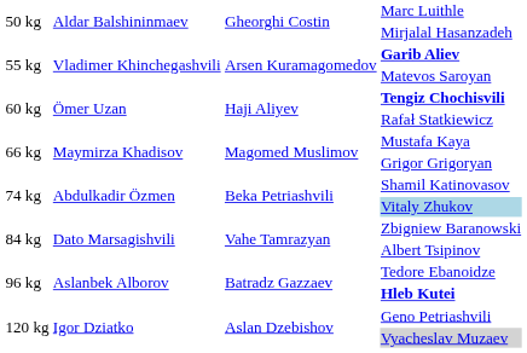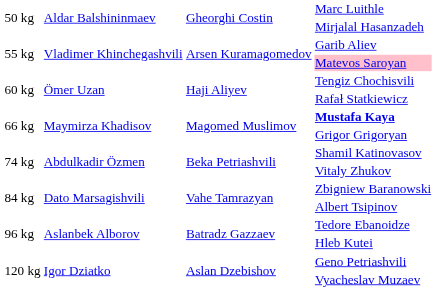 <table>
 <tr>
 <td rowspan=2>50 kg</td>
 <td rowspan=2> <a href='#'>Aldar Balshininmaev</a></td>
 <td rowspan=2> <a href='#'>Gheorghi Costin</a></td>
 <td> <a href='#'>Marc Luithle</a></td>
 </tr>
 <tr>
 <td> <a href='#'>Mirjalal Hasanzadeh</a></td>
 </tr>
 <tr>
 <td rowspan=2>55 kg</td>
 <td rowspan=2> <a href='#'>Vladimer Khinchegashvili</a></td>
 <td rowspan=2> <a href='#'>Arsen Kuramagomedov</a></td>
-<td><strong> <a href='#'>Garib Aliev</a></strong></td>
+<td> <a href='#'>Garib Aliev</a></td>
 </tr>
 <tr>
-<td> <a href='#'>Matevos Saroyan</a></td>
+<td style="background: pink;"> <a href='#'>Matevos Saroyan</a></td>
 </tr>
 <tr>
 <td rowspan=2>60 kg</td>
 <td rowspan=2> <a href='#'>Ömer Uzan</a></td>
 <td rowspan=2> <a href='#'>Haji Aliyev</a></td>
-<td><strong> <a href='#'>Tengiz Chochisvili</a></strong></td>
+<td> <a href='#'>Tengiz Chochisvili</a></td>
 </tr>
 <tr>
 <td> <a href='#'>Rafał Statkiewicz</a></td>
 </tr>
 <tr>
 <td rowspan=2>66 kg</td>
 <td rowspan=2> <a href='#'>Maymirza Khadisov</a></td>
 <td rowspan=2> <a href='#'>Magomed Muslimov</a></td>
-<td> <a href='#'>Mustafa Kaya</a></td>
+<td><strong> <a href='#'>Mustafa Kaya</a></strong></td>
 </tr>
 <tr>
 <td> <a href='#'>Grigor Grigoryan</a></td>
 </tr>
 <tr>
 <td rowspan=2>74 kg</td>
 <td rowspan=2> <a href='#'>Abdulkadir Özmen</a></td>
 <td rowspan=2> <a href='#'>Beka Petriashvili</a></td>
 <td> <a href='#'>Shamil Katinovasov</a></td>
 </tr>
 <tr>
-<td style="background: lightblue;"> <a href='#'>Vitaly Zhukov</a></td>
+<td> <a href='#'>Vitaly Zhukov</a></td>
 </tr>
 <tr>
 <td rowspan=2>84 kg</td>
 <td rowspan=2> <a href='#'>Dato Marsagishvili</a></td>
 <td rowspan=2> <a href='#'>Vahe Tamrazyan</a></td>
 <td> <a href='#'>Zbigniew Baranowski</a></td>
 </tr>
 <tr>
 <td> <a href='#'>Albert Tsipinov</a></td>
 </tr>
 <tr>
 <td rowspan=2>96 kg</td>
 <td rowspan=2> <a href='#'>Aslanbek Alborov</a></td>
 <td rowspan=2> <a href='#'>Batradz Gazzaev</a></td>
 <td> <a href='#'>Tedore Ebanoidze</a></td>
 </tr>
 <tr>
-<td><strong> <a href='#'>Hleb Kutei</a></strong></td>
+<td> <a href='#'>Hleb Kutei</a></td>
 </tr>
 <tr>
 <td rowspan=2>120 kg</td>
 <td rowspan=2> <a href='#'>Igor Dziatko</a></td>
 <td rowspan=2> <a href='#'>Aslan Dzebishov</a></td>
 <td> <a href='#'>Geno Petriashvili</a></td>
 </tr>
 <tr>
-<td style="background: lightgrey;"> <a href='#'>Vyacheslav Muzaev</a></td>
+<td> <a href='#'>Vyacheslav Muzaev</a></td>
 </tr>
 </table>
